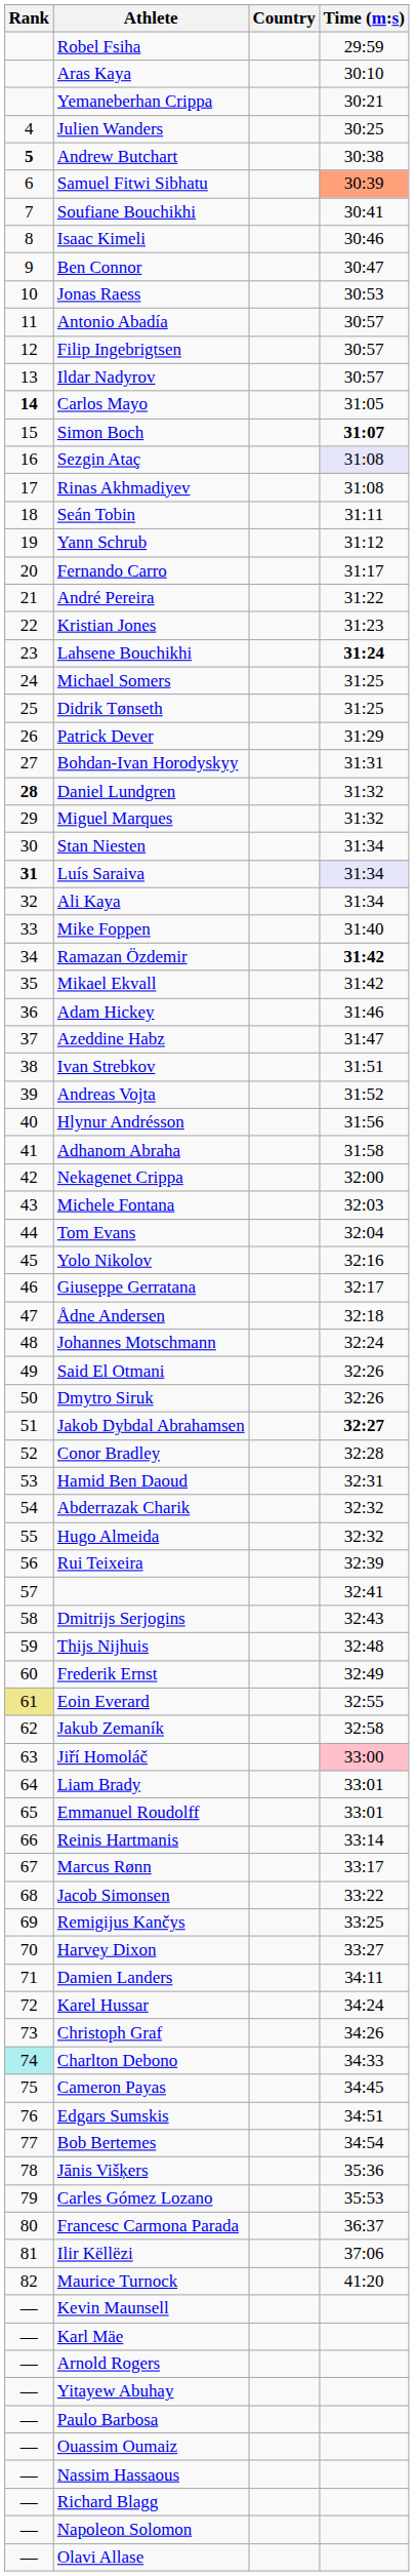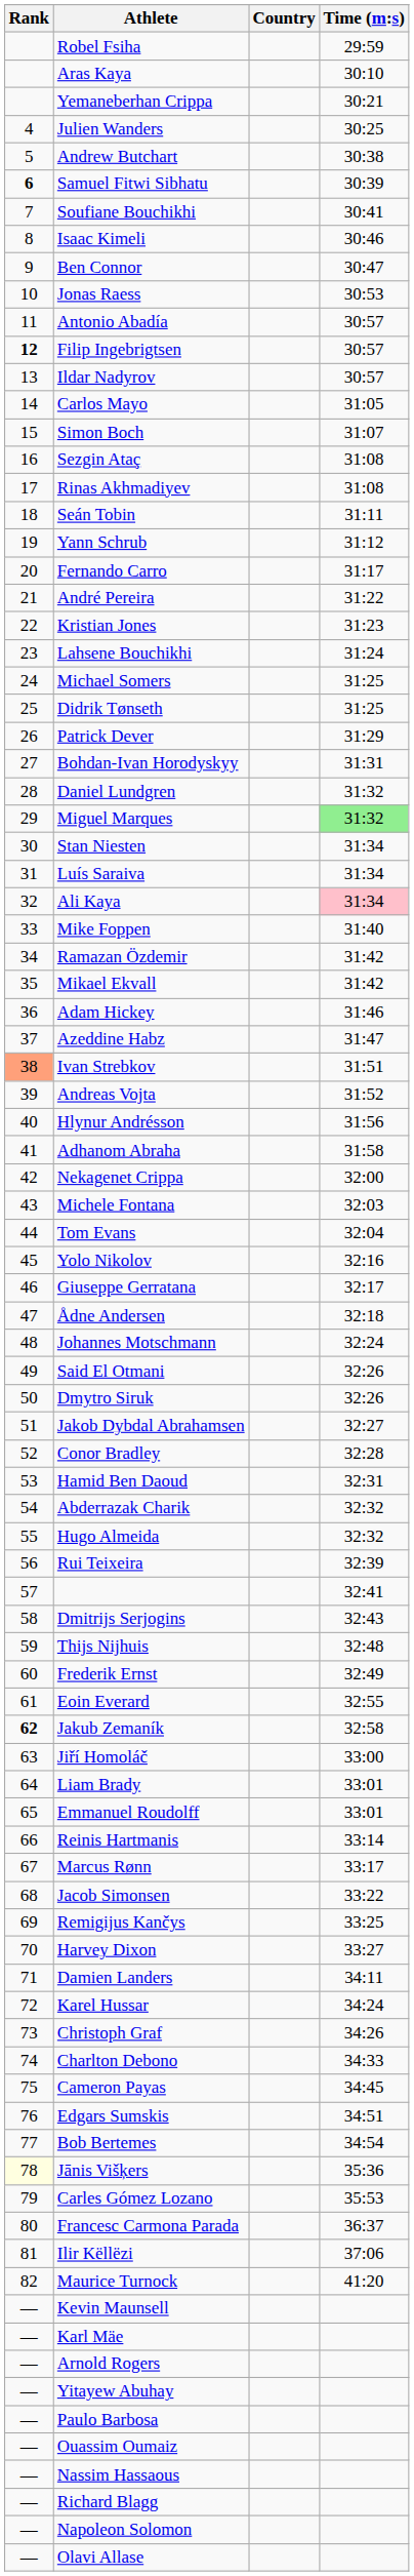 <table class="wikitable sortable" style="text-align:center;">
 <tr>
 </tr>
 <tr>
 <th>Rank</th>
 <th>Athlete</th>
 <th>Country</th>
 <th>Time (<a href='#'>m</a>:<a href='#'>s</a>)</th>
 </tr>
 <tr>
 <td></td>
 <td align=left><a href='#'>Robel Fsiha</a></td>
 <td align=left></td>
 <td>29:59</td>
 </tr>
 <tr>
 <td></td>
 <td align=left><a href='#'>Aras Kaya</a></td>
 <td align=left></td>
 <td>30:10</td>
 </tr>
 <tr>
 <td></td>
 <td align=left><a href='#'>Yemaneberhan Crippa</a></td>
 <td align=left></td>
 <td>30:21</td>
 </tr>
 <tr>
 <td>4</td>
 <td align=left><a href='#'>Julien Wanders</a></td>
 <td align=left></td>
 <td>30:25</td>
 </tr>
 <tr>
-<td><strong>5</strong></td>
+<td>5</td>
 <td align=left><a href='#'>Andrew Butchart</a></td>
 <td align=left></td>
 <td>30:38</td>
 </tr>
 <tr>
-<td>6</td>
+<td><strong>6</strong></td>
 <td align=left><a href='#'>Samuel Fitwi Sibhatu</a></td>
 <td align=left></td>
-<td style="background: lightsalmon;">30:39</td>
+<td>30:39</td>
 </tr>
 <tr>
 <td>7</td>
 <td align=left><a href='#'>Soufiane Bouchikhi</a></td>
 <td align=left></td>
 <td>30:41</td>
 </tr>
 <tr>
 <td>8</td>
 <td align=left><a href='#'>Isaac Kimeli</a></td>
 <td align=left></td>
 <td>30:46</td>
 </tr>
 <tr>
 <td>9</td>
 <td align=left><a href='#'>Ben Connor</a></td>
 <td align=left></td>
 <td>30:47</td>
 </tr>
 <tr>
 <td>10</td>
 <td align=left><a href='#'>Jonas Raess</a></td>
 <td align=left></td>
 <td>30:53</td>
 </tr>
 <tr>
 <td>11</td>
 <td align=left><a href='#'>Antonio Abadía</a></td>
 <td align=left></td>
 <td>30:57</td>
 </tr>
 <tr>
-<td>12</td>
+<td><strong>12</strong></td>
 <td align=left><a href='#'>Filip Ingebrigtsen</a></td>
 <td align=left></td>
 <td>30:57</td>
 </tr>
 <tr>
 <td>13</td>
 <td align=left><a href='#'>Ildar Nadyrov</a></td>
 <td align=left></td>
 <td>30:57</td>
 </tr>
 <tr>
-<td><strong>14</strong></td>
+<td>14</td>
 <td align=left><a href='#'>Carlos Mayo</a></td>
 <td align=left></td>
 <td>31:05</td>
 </tr>
 <tr>
 <td>15</td>
 <td align=left><a href='#'>Simon Boch</a></td>
 <td align=left></td>
-<td><strong>31:07</strong></td>
+<td>31:07</td>
 </tr>
 <tr>
 <td>16</td>
 <td align=left><a href='#'>Sezgin Ataç</a></td>
 <td align=left></td>
-<td style="background: lavender;">31:08</td>
+<td>31:08</td>
 </tr>
 <tr>
 <td>17</td>
 <td align=left><a href='#'>Rinas Akhmadiyev</a></td>
 <td align=left></td>
 <td>31:08</td>
 </tr>
 <tr>
 <td>18</td>
 <td align=left><a href='#'>Seán Tobin</a></td>
 <td align=left></td>
 <td>31:11</td>
 </tr>
 <tr>
 <td>19</td>
 <td align=left><a href='#'>Yann Schrub</a></td>
 <td align=left></td>
 <td>31:12</td>
 </tr>
 <tr>
 <td>20</td>
 <td align=left><a href='#'>Fernando Carro</a></td>
 <td align=left></td>
 <td>31:17</td>
 </tr>
 <tr>
 <td>21</td>
 <td align=left><a href='#'>André Pereira</a></td>
 <td align=left></td>
 <td>31:22</td>
 </tr>
 <tr>
 <td>22</td>
 <td align=left><a href='#'>Kristian Jones</a></td>
 <td align=left></td>
 <td>31:23</td>
 </tr>
 <tr>
 <td>23</td>
 <td align=left><a href='#'>Lahsene Bouchikhi</a></td>
 <td align=left></td>
-<td><strong>31:24</strong></td>
+<td>31:24</td>
 </tr>
 <tr>
 <td>24</td>
 <td align=left><a href='#'>Michael Somers</a></td>
 <td align=left></td>
 <td>31:25</td>
 </tr>
 <tr>
 <td>25</td>
 <td align=left><a href='#'>Didrik Tønseth</a></td>
 <td align=left></td>
 <td>31:25</td>
 </tr>
 <tr>
 <td>26</td>
 <td align=left><a href='#'>Patrick Dever</a></td>
 <td align=left></td>
 <td>31:29</td>
 </tr>
 <tr>
 <td>27</td>
 <td align=left><a href='#'>Bohdan-Ivan Horodyskyy</a></td>
 <td align=left></td>
 <td>31:31</td>
 </tr>
 <tr>
-<td><strong>28</strong></td>
+<td>28</td>
 <td align=left><a href='#'>Daniel Lundgren</a></td>
 <td align=left></td>
 <td>31:32</td>
 </tr>
 <tr>
 <td>29</td>
 <td align=left><a href='#'>Miguel Marques</a></td>
 <td align=left></td>
-<td>31:32</td>
+<td style="background: lightgreen;">31:32</td>
 </tr>
 <tr>
 <td>30</td>
 <td align=left><a href='#'>Stan Niesten</a></td>
 <td align=left></td>
 <td>31:34</td>
 </tr>
 <tr>
-<td><strong>31</strong></td>
+<td>31</td>
 <td align=left><a href='#'>Luís Saraiva</a></td>
 <td align=left></td>
-<td style="background: lavender;">31:34</td>
+<td>31:34</td>
 </tr>
 <tr>
 <td>32</td>
 <td align=left><a href='#'>Ali Kaya</a></td>
 <td align=left></td>
-<td>31:34</td>
+<td style="background: pink;">31:34</td>
 </tr>
 <tr>
 <td>33</td>
 <td align=left><a href='#'>Mike Foppen</a></td>
 <td align=left></td>
 <td>31:40</td>
 </tr>
 <tr>
 <td>34</td>
 <td align=left><a href='#'>Ramazan Özdemir</a></td>
 <td align=left></td>
-<td><strong>31:42</strong></td>
+<td>31:42</td>
 </tr>
 <tr>
 <td>35</td>
 <td align=left><a href='#'>Mikael Ekvall</a></td>
 <td align=left></td>
 <td>31:42</td>
 </tr>
 <tr>
 <td>36</td>
 <td align=left><a href='#'>Adam Hickey</a></td>
 <td align=left></td>
 <td>31:46</td>
 </tr>
 <tr>
 <td>37</td>
 <td align=left><a href='#'>Azeddine Habz</a></td>
 <td align=left></td>
 <td>31:47</td>
 </tr>
 <tr>
-<td>38</td>
+<td style="background: lightsalmon;">38</td>
 <td align=left><a href='#'>Ivan Strebkov</a></td>
 <td align=left></td>
 <td>31:51</td>
 </tr>
 <tr>
 <td>39</td>
 <td align=left><a href='#'>Andreas Vojta</a></td>
 <td align=left></td>
 <td>31:52</td>
 </tr>
 <tr>
 <td>40</td>
 <td align=left><a href='#'>Hlynur Andrésson</a></td>
 <td align=left></td>
 <td>31:56</td>
 </tr>
 <tr>
 <td>41</td>
 <td align=left><a href='#'>Adhanom Abraha</a></td>
 <td align=left></td>
 <td>31:58</td>
 </tr>
 <tr>
 <td>42</td>
 <td align=left><a href='#'>Nekagenet Crippa</a></td>
 <td align=left></td>
 <td>32:00</td>
 </tr>
 <tr>
 <td>43</td>
 <td align=left><a href='#'>Michele Fontana</a></td>
 <td align=left></td>
 <td>32:03</td>
 </tr>
 <tr>
 <td>44</td>
 <td align=left><a href='#'>Tom Evans</a></td>
 <td align=left></td>
 <td>32:04</td>
 </tr>
 <tr>
 <td>45</td>
 <td align=left><a href='#'>Yolo Nikolov</a></td>
 <td align=left></td>
 <td>32:16</td>
 </tr>
 <tr>
 <td>46</td>
 <td align=left><a href='#'>Giuseppe Gerratana</a></td>
 <td align=left></td>
 <td>32:17</td>
 </tr>
 <tr>
 <td>47</td>
 <td align=left><a href='#'>Ådne Andersen</a></td>
 <td align=left></td>
 <td>32:18</td>
 </tr>
 <tr>
 <td>48</td>
 <td align=left><a href='#'>Johannes Motschmann</a></td>
 <td align=left></td>
 <td>32:24</td>
 </tr>
 <tr>
 <td>49</td>
 <td align=left><a href='#'>Said El Otmani</a></td>
 <td align=left></td>
 <td>32:26</td>
 </tr>
 <tr>
 <td>50</td>
 <td align=left><a href='#'>Dmytro Siruk</a></td>
 <td align=left></td>
 <td>32:26</td>
 </tr>
 <tr>
 <td>51</td>
 <td align=left><a href='#'>Jakob Dybdal Abrahamsen</a></td>
 <td align=left></td>
-<td><strong>32:27</strong></td>
+<td>32:27</td>
 </tr>
 <tr>
 <td>52</td>
 <td align=left><a href='#'>Conor Bradley</a></td>
 <td align=left></td>
 <td>32:28</td>
 </tr>
 <tr>
 <td>53</td>
 <td align=left><a href='#'>Hamid Ben Daoud</a></td>
 <td align=left></td>
 <td>32:31</td>
 </tr>
 <tr>
 <td>54</td>
 <td align=left><a href='#'>Abderrazak Charik</a></td>
 <td align=left></td>
 <td>32:32</td>
 </tr>
 <tr>
 <td>55</td>
 <td align=left><a href='#'>Hugo Almeida</a></td>
 <td align=left></td>
 <td>32:32</td>
 </tr>
 <tr>
 <td>56</td>
 <td align=left><a href='#'>Rui Teixeira</a></td>
 <td align=left></td>
 <td>32:39</td>
 </tr>
 <tr>
 <td>57</td>
 <td align=left></td>
 <td align=left></td>
 <td>32:41</td>
 </tr>
 <tr>
 <td>58</td>
 <td align=left><a href='#'>Dmitrijs Serjogins</a></td>
 <td align=left></td>
 <td>32:43</td>
 </tr>
 <tr>
 <td>59</td>
 <td align=left><a href='#'>Thijs Nijhuis</a></td>
 <td align=left></td>
 <td>32:48</td>
 </tr>
 <tr>
 <td>60</td>
 <td align=left><a href='#'>Frederik Ernst</a></td>
 <td align=left></td>
 <td>32:49</td>
 </tr>
 <tr>
-<td style="background: khaki;">61</td>
+<td>61</td>
 <td align=left><a href='#'>Eoin Everard</a></td>
 <td align=left></td>
 <td>32:55</td>
 </tr>
 <tr>
-<td>62</td>
+<td><strong>62</strong></td>
 <td align=left><a href='#'>Jakub Zemaník</a></td>
 <td align=left></td>
 <td>32:58</td>
 </tr>
 <tr>
 <td>63</td>
 <td align=left><a href='#'>Jiří Homoláč</a></td>
 <td align=left></td>
-<td style="background: pink;">33:00</td>
+<td>33:00</td>
 </tr>
 <tr>
 <td>64</td>
 <td align=left><a href='#'>Liam Brady</a></td>
 <td align=left></td>
 <td>33:01</td>
 </tr>
 <tr>
 <td>65</td>
 <td align=left><a href='#'>Emmanuel Roudolff</a></td>
 <td align=left></td>
 <td>33:01</td>
 </tr>
 <tr>
 <td>66</td>
 <td align=left><a href='#'>Reinis Hartmanis</a></td>
 <td align=left></td>
 <td>33:14</td>
 </tr>
 <tr>
 <td>67</td>
 <td align=left><a href='#'>Marcus Rønn</a></td>
 <td align=left></td>
 <td>33:17</td>
 </tr>
 <tr>
 <td>68</td>
 <td align=left><a href='#'>Jacob Simonsen</a></td>
 <td align=left></td>
 <td>33:22</td>
 </tr>
 <tr>
 <td>69</td>
 <td align=left><a href='#'>Remigijus Kančys</a></td>
 <td align=left></td>
 <td>33:25</td>
 </tr>
 <tr>
 <td>70</td>
 <td align=left><a href='#'>Harvey Dixon</a></td>
 <td align=left></td>
 <td>33:27</td>
 </tr>
 <tr>
 <td>71</td>
 <td align=left><a href='#'>Damien Landers</a></td>
 <td align=left></td>
 <td>34:11</td>
 </tr>
 <tr>
 <td>72</td>
 <td align=left><a href='#'>Karel Hussar</a></td>
 <td align=left></td>
 <td>34:24</td>
 </tr>
 <tr>
 <td>73</td>
 <td align=left><a href='#'>Christoph Graf</a></td>
 <td align=left></td>
 <td>34:26</td>
 </tr>
 <tr>
-<td style="background: paleturquoise;">74</td>
+<td>74</td>
 <td align=left><a href='#'>Charlton Debono</a></td>
 <td align=left></td>
 <td>34:33</td>
 </tr>
 <tr>
 <td>75</td>
 <td align=left><a href='#'>Cameron Payas</a></td>
 <td align=left></td>
 <td>34:45</td>
 </tr>
 <tr>
 <td>76</td>
 <td align=left><a href='#'>Edgars Sumskis</a></td>
 <td align=left></td>
 <td>34:51</td>
 </tr>
 <tr>
 <td>77</td>
 <td align=left><a href='#'>Bob Bertemes</a></td>
 <td align=left></td>
 <td>34:54</td>
 </tr>
 <tr>
-<td>78</td>
+<td style="background: lightyellow;">78</td>
 <td align=left><a href='#'>Jānis Višķers</a></td>
 <td align=left></td>
 <td>35:36</td>
 </tr>
 <tr>
 <td>79</td>
 <td align=left><a href='#'>Carles Gómez Lozano</a></td>
 <td align=left></td>
 <td>35:53</td>
 </tr>
 <tr>
 <td>80</td>
 <td align=left><a href='#'>Francesc Carmona Parada</a></td>
 <td align=left></td>
 <td>36:37</td>
 </tr>
 <tr>
 <td>81</td>
 <td align=left><a href='#'>Ilir Këllëzi</a></td>
 <td align=left></td>
 <td>37:06</td>
 </tr>
 <tr>
 <td>82</td>
 <td align=left><a href='#'>Maurice Turnock</a></td>
 <td align=left></td>
 <td>41:20</td>
 </tr>
 <tr>
 <td>—</td>
 <td align=left><a href='#'>Kevin Maunsell</a></td>
 <td align=left></td>
 <td></td>
 </tr>
 <tr>
 <td>—</td>
 <td align=left><a href='#'>Karl Mäe</a></td>
 <td align=left></td>
 <td></td>
 </tr>
 <tr>
 <td>—</td>
 <td align=left><a href='#'>Arnold Rogers</a></td>
 <td align=left></td>
 <td></td>
 </tr>
 <tr>
 <td>—</td>
 <td align=left><a href='#'>Yitayew Abuhay</a></td>
 <td align=left></td>
 <td></td>
 </tr>
 <tr>
 <td>—</td>
 <td align=left><a href='#'>Paulo Barbosa</a></td>
 <td align=left></td>
 <td></td>
 </tr>
 <tr>
 <td>—</td>
 <td align=left><a href='#'>Ouassim Oumaiz</a></td>
 <td align=left></td>
 <td></td>
 </tr>
 <tr>
 <td>—</td>
 <td align=left><a href='#'>Nassim Hassaous</a></td>
 <td align=left></td>
 <td></td>
 </tr>
 <tr>
 <td>—</td>
 <td align=left><a href='#'>Richard Blagg</a></td>
 <td align=left></td>
 <td></td>
 </tr>
 <tr>
 <td>—</td>
 <td align=left><a href='#'>Napoleon Solomon</a></td>
 <td align=left></td>
 <td></td>
 </tr>
 <tr>
 <td>—</td>
 <td align=left><a href='#'>Olavi Allase</a></td>
 <td align=left></td>
 <td></td>
 </tr>
 </table>
